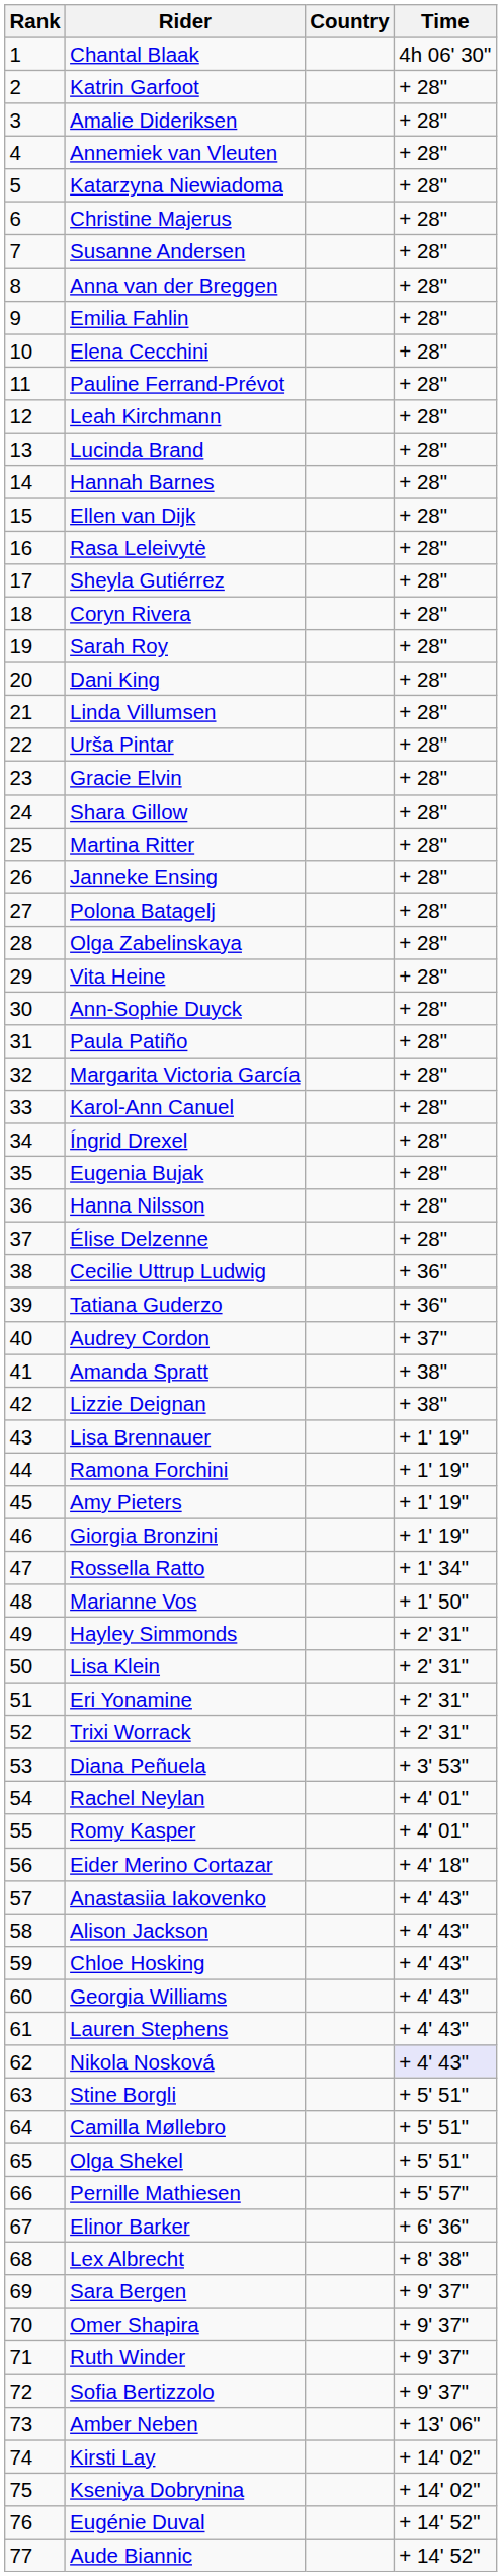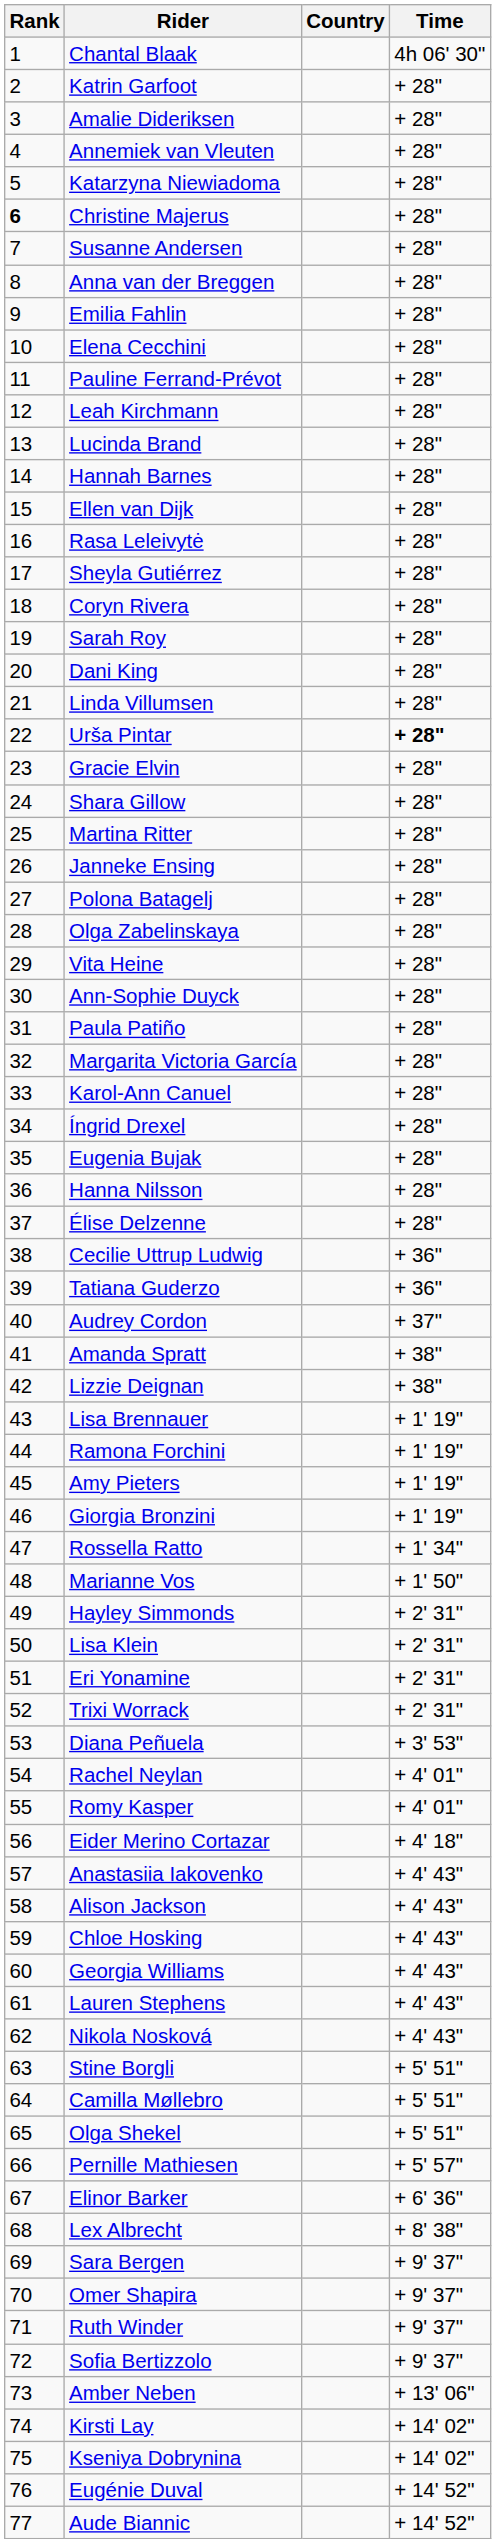 <table class="wikitable" style="font-size:95%; text-align:left;">
 <tr>
 <th>Rank</th>
 <th>Rider</th>
 <th>Country</th>
 <th>Time</th>
 </tr>
 <tr>
 <td>1</td>
 <td><a href='#'>Chantal Blaak</a></td>
 <td></td>
 <td>4h 06' 30"</td>
 </tr>
 <tr>
 <td>2</td>
 <td><a href='#'>Katrin Garfoot</a></td>
 <td></td>
 <td>+ 28"</td>
 </tr>
 <tr>
 <td>3</td>
 <td><a href='#'>Amalie Dideriksen</a></td>
 <td></td>
 <td>+ 28"</td>
 </tr>
 <tr>
 <td>4</td>
 <td><a href='#'>Annemiek van Vleuten</a></td>
 <td></td>
 <td>+ 28"</td>
 </tr>
 <tr>
 <td>5</td>
 <td><a href='#'>Katarzyna Niewiadoma</a></td>
 <td></td>
 <td>+ 28"</td>
 </tr>
 <tr>
-<td>6</td>
+<td><strong>6</strong></td>
 <td><a href='#'>Christine Majerus</a></td>
 <td></td>
 <td>+ 28"</td>
 </tr>
 <tr>
 <td>7</td>
 <td><a href='#'>Susanne Andersen</a></td>
 <td></td>
 <td>+ 28"</td>
 </tr>
 <tr>
 <td>8</td>
 <td><a href='#'>Anna van der Breggen</a></td>
 <td></td>
 <td>+ 28"</td>
 </tr>
 <tr>
 <td>9</td>
 <td><a href='#'>Emilia Fahlin</a></td>
 <td></td>
 <td>+ 28"</td>
 </tr>
 <tr>
 <td>10</td>
 <td><a href='#'>Elena Cecchini</a></td>
 <td></td>
 <td>+ 28"</td>
 </tr>
 <tr>
 <td>11</td>
 <td><a href='#'>Pauline Ferrand-Prévot</a></td>
 <td></td>
 <td>+ 28"</td>
 </tr>
 <tr>
 <td>12</td>
 <td><a href='#'>Leah Kirchmann</a></td>
 <td></td>
 <td>+ 28"</td>
 </tr>
 <tr>
 <td>13</td>
 <td><a href='#'>Lucinda Brand</a></td>
 <td></td>
 <td>+ 28"</td>
 </tr>
 <tr>
 <td>14</td>
 <td><a href='#'>Hannah Barnes</a></td>
 <td></td>
 <td>+ 28"</td>
 </tr>
 <tr>
 <td>15</td>
 <td><a href='#'>Ellen van Dijk</a></td>
 <td></td>
 <td>+ 28"</td>
 </tr>
 <tr>
 <td>16</td>
 <td><a href='#'>Rasa Leleivytė</a></td>
 <td></td>
 <td>+ 28"</td>
 </tr>
 <tr>
 <td>17</td>
 <td><a href='#'>Sheyla Gutiérrez</a></td>
 <td></td>
 <td>+ 28"</td>
 </tr>
 <tr>
 <td>18</td>
 <td><a href='#'>Coryn Rivera</a></td>
 <td></td>
 <td>+ 28"</td>
 </tr>
 <tr>
 <td>19</td>
 <td><a href='#'>Sarah Roy</a></td>
 <td></td>
 <td>+ 28"</td>
 </tr>
 <tr>
 <td>20</td>
 <td><a href='#'>Dani King</a></td>
 <td></td>
 <td>+ 28"</td>
 </tr>
 <tr>
 <td>21</td>
 <td><a href='#'>Linda Villumsen</a></td>
 <td></td>
 <td>+ 28"</td>
 </tr>
 <tr>
 <td>22</td>
 <td><a href='#'>Urša Pintar</a></td>
 <td></td>
-<td>+ 28"</td>
+<td><strong>+ 28"</strong></td>
 </tr>
 <tr>
 <td>23</td>
 <td><a href='#'>Gracie Elvin</a></td>
 <td></td>
 <td>+ 28"</td>
 </tr>
 <tr>
 <td>24</td>
 <td><a href='#'>Shara Gillow</a></td>
 <td></td>
 <td>+ 28"</td>
 </tr>
 <tr>
 <td>25</td>
 <td><a href='#'>Martina Ritter</a></td>
 <td></td>
 <td>+ 28"</td>
 </tr>
 <tr>
 <td>26</td>
 <td><a href='#'>Janneke Ensing</a></td>
 <td></td>
 <td>+ 28"</td>
 </tr>
 <tr>
 <td>27</td>
 <td><a href='#'>Polona Batagelj</a></td>
 <td></td>
 <td>+ 28"</td>
 </tr>
 <tr>
 <td>28</td>
 <td><a href='#'>Olga Zabelinskaya</a></td>
 <td></td>
 <td>+ 28"</td>
 </tr>
 <tr>
 <td>29</td>
 <td><a href='#'>Vita Heine</a></td>
 <td></td>
 <td>+ 28"</td>
 </tr>
 <tr>
 <td>30</td>
 <td><a href='#'>Ann-Sophie Duyck</a></td>
 <td></td>
 <td>+ 28"</td>
 </tr>
 <tr>
 <td>31</td>
 <td><a href='#'>Paula Patiño</a></td>
 <td></td>
 <td>+ 28"</td>
 </tr>
 <tr>
 <td>32</td>
 <td><a href='#'>Margarita Victoria García</a></td>
 <td></td>
 <td>+ 28"</td>
 </tr>
 <tr>
 <td>33</td>
 <td><a href='#'>Karol-Ann Canuel</a></td>
 <td></td>
 <td>+ 28"</td>
 </tr>
 <tr>
 <td>34</td>
 <td><a href='#'>Íngrid Drexel</a></td>
 <td></td>
 <td>+ 28"</td>
 </tr>
 <tr>
 <td>35</td>
 <td><a href='#'>Eugenia Bujak</a></td>
 <td></td>
 <td>+ 28"</td>
 </tr>
 <tr>
 <td>36</td>
 <td><a href='#'>Hanna Nilsson</a></td>
 <td></td>
 <td>+ 28"</td>
 </tr>
 <tr>
 <td>37</td>
 <td><a href='#'>Élise Delzenne</a></td>
 <td></td>
 <td>+ 28"</td>
 </tr>
 <tr>
 <td>38</td>
 <td><a href='#'>Cecilie Uttrup Ludwig</a></td>
 <td></td>
 <td>+ 36"</td>
 </tr>
 <tr>
 <td>39</td>
 <td><a href='#'>Tatiana Guderzo</a></td>
 <td></td>
 <td>+ 36"</td>
 </tr>
 <tr>
 <td>40</td>
 <td><a href='#'>Audrey Cordon</a></td>
 <td></td>
 <td>+ 37"</td>
 </tr>
 <tr>
 <td>41</td>
 <td><a href='#'>Amanda Spratt</a></td>
 <td></td>
 <td>+ 38"</td>
 </tr>
 <tr>
 <td>42</td>
 <td><a href='#'>Lizzie Deignan</a></td>
 <td></td>
 <td>+ 38"</td>
 </tr>
 <tr>
 <td>43</td>
 <td><a href='#'>Lisa Brennauer</a></td>
 <td></td>
 <td>+ 1' 19"</td>
 </tr>
 <tr>
 <td>44</td>
 <td><a href='#'>Ramona Forchini</a></td>
 <td></td>
 <td>+ 1' 19"</td>
 </tr>
 <tr>
 <td>45</td>
 <td><a href='#'>Amy Pieters</a></td>
 <td></td>
 <td>+ 1' 19"</td>
 </tr>
 <tr>
 <td>46</td>
 <td><a href='#'>Giorgia Bronzini</a></td>
 <td></td>
 <td>+ 1' 19"</td>
 </tr>
 <tr>
 <td>47</td>
 <td><a href='#'>Rossella Ratto</a></td>
 <td></td>
 <td>+ 1' 34"</td>
 </tr>
 <tr>
 <td>48</td>
 <td><a href='#'>Marianne Vos</a></td>
 <td></td>
 <td>+ 1' 50"</td>
 </tr>
 <tr>
 <td>49</td>
 <td><a href='#'>Hayley Simmonds</a></td>
 <td></td>
 <td>+ 2' 31"</td>
 </tr>
 <tr>
 <td>50</td>
 <td><a href='#'>Lisa Klein</a></td>
 <td></td>
 <td>+ 2' 31"</td>
 </tr>
 <tr>
 <td>51</td>
 <td><a href='#'>Eri Yonamine</a></td>
 <td></td>
 <td>+ 2' 31"</td>
 </tr>
 <tr>
 <td>52</td>
 <td><a href='#'>Trixi Worrack</a></td>
 <td></td>
 <td>+ 2' 31"</td>
 </tr>
 <tr>
 <td>53</td>
 <td><a href='#'>Diana Peñuela</a></td>
 <td></td>
 <td>+ 3' 53"</td>
 </tr>
 <tr>
 <td>54</td>
 <td><a href='#'>Rachel Neylan</a></td>
 <td></td>
 <td>+ 4' 01"</td>
 </tr>
 <tr>
 <td>55</td>
 <td><a href='#'>Romy Kasper</a></td>
 <td></td>
 <td>+ 4' 01"</td>
 </tr>
 <tr>
 <td>56</td>
 <td><a href='#'>Eider Merino Cortazar</a></td>
 <td></td>
 <td>+ 4' 18"</td>
 </tr>
 <tr>
 <td>57</td>
 <td><a href='#'>Anastasiia Iakovenko</a></td>
 <td></td>
 <td>+ 4' 43"</td>
 </tr>
 <tr>
 <td>58</td>
 <td><a href='#'>Alison Jackson</a></td>
 <td></td>
 <td>+ 4' 43"</td>
 </tr>
 <tr>
 <td>59</td>
 <td><a href='#'>Chloe Hosking</a></td>
 <td></td>
 <td>+ 4' 43"</td>
 </tr>
 <tr>
 <td>60</td>
 <td><a href='#'>Georgia Williams</a></td>
 <td></td>
 <td>+ 4' 43"</td>
 </tr>
 <tr>
 <td>61</td>
 <td><a href='#'>Lauren Stephens</a></td>
 <td></td>
 <td>+ 4' 43"</td>
 </tr>
 <tr>
 <td>62</td>
 <td><a href='#'>Nikola Nosková</a></td>
 <td></td>
-<td style="background: lavender;">+ 4' 43"</td>
+<td>+ 4' 43"</td>
 </tr>
 <tr>
 <td>63</td>
 <td><a href='#'>Stine Borgli</a></td>
 <td></td>
 <td>+ 5' 51"</td>
 </tr>
 <tr>
 <td>64</td>
 <td><a href='#'>Camilla Møllebro</a></td>
 <td></td>
 <td>+ 5' 51"</td>
 </tr>
 <tr>
 <td>65</td>
 <td><a href='#'>Olga Shekel</a></td>
 <td></td>
 <td>+ 5' 51"</td>
 </tr>
 <tr>
 <td>66</td>
 <td><a href='#'>Pernille Mathiesen</a></td>
 <td></td>
 <td>+ 5' 57"</td>
 </tr>
 <tr>
 <td>67</td>
 <td><a href='#'>Elinor Barker</a></td>
 <td></td>
 <td>+ 6' 36"</td>
 </tr>
 <tr>
 <td>68</td>
 <td><a href='#'>Lex Albrecht</a></td>
 <td></td>
 <td>+ 8' 38"</td>
 </tr>
 <tr>
 <td>69</td>
 <td><a href='#'>Sara Bergen</a></td>
 <td></td>
 <td>+ 9' 37"</td>
 </tr>
 <tr>
 <td>70</td>
 <td><a href='#'>Omer Shapira</a></td>
 <td></td>
 <td>+ 9' 37"</td>
 </tr>
 <tr>
 <td>71</td>
 <td><a href='#'>Ruth Winder</a></td>
 <td></td>
 <td>+ 9' 37"</td>
 </tr>
 <tr>
 <td>72</td>
 <td><a href='#'>Sofia Bertizzolo</a></td>
 <td></td>
 <td>+ 9' 37"</td>
 </tr>
 <tr>
 <td>73</td>
 <td><a href='#'>Amber Neben</a></td>
 <td></td>
 <td>+ 13' 06"</td>
 </tr>
 <tr>
 <td>74</td>
 <td><a href='#'>Kirsti Lay</a></td>
 <td></td>
 <td>+ 14' 02"</td>
 </tr>
 <tr>
 <td>75</td>
 <td><a href='#'>Kseniya Dobrynina</a></td>
 <td></td>
 <td>+ 14' 02"</td>
 </tr>
 <tr>
 <td>76</td>
 <td><a href='#'>Eugénie Duval</a></td>
 <td></td>
 <td>+ 14' 52"</td>
 </tr>
 <tr>
 <td>77</td>
 <td><a href='#'>Aude Biannic</a></td>
 <td></td>
 <td>+ 14' 52"</td>
 </tr>
 </table>
